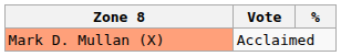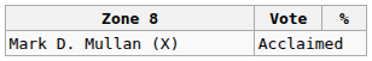 <table class="wikitable">
 <tr>
 <th bgcolor="#DDDDFF" width="200px">Zone 8</th>
 <th bgcolor="#DDDDFF" width="50px">Vote</th>
 <th bgcolor="#DDDDFF" width="30px">%</th>
 </tr>
 <tr>
-<td style="background: lightsalmon;">Mark D. Mullan (X)</td>
+<td>Mark D. Mullan (X)</td>
 <td colspan="2">Acclaimed</td>
 </tr>
 </table>
